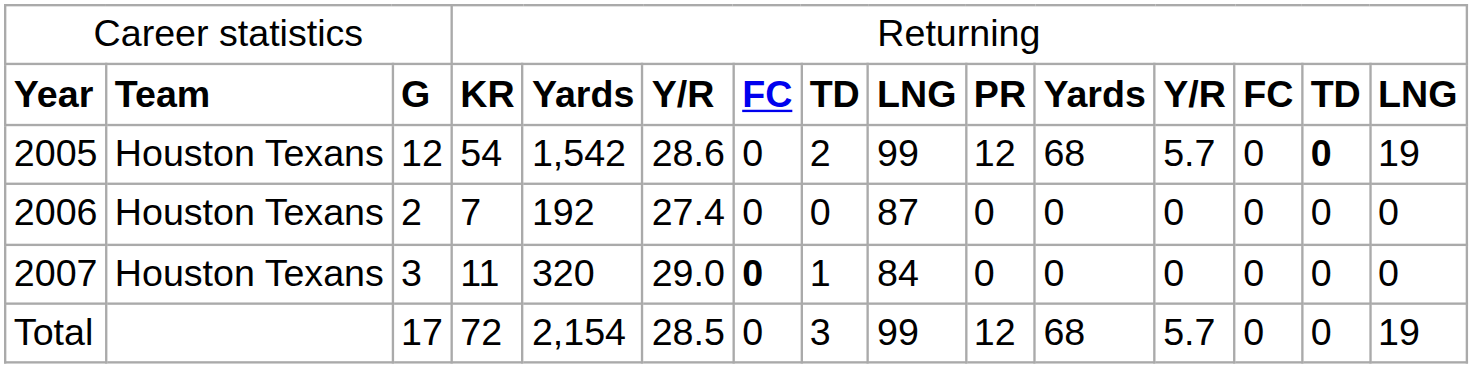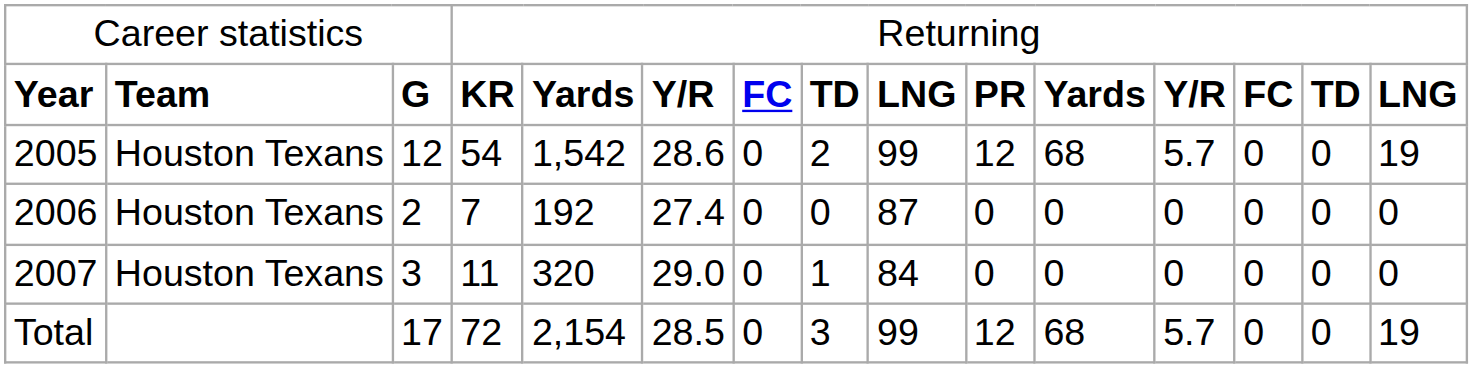 <table class="wikitable" style="background:#fff;">
 <tr style="text-align:center;">
 <td colspan="3">Career statistics</td>
 <td colspan="12" style="text-align:center;">Returning</td>
 </tr>
 <tr>
 <td><strong>Year</strong></td>
 <td><strong>Team</strong></td>
 <td><strong>G</strong></td>
 <td><strong>KR</strong></td>
 <td><strong>Yards</strong></td>
 <td><strong>Y/R</strong></td>
 <td><strong><a href='#'>FC</a></strong></td>
 <td><strong>TD</strong></td>
 <td><strong>LNG</strong></td>
 <td><strong>PR</strong></td>
 <td><strong>Yards</strong></td>
 <td><strong>Y/R</strong></td>
 <td><strong>FC</strong></td>
 <td><strong>TD</strong></td>
 <td><strong>LNG</strong></td>
 </tr>
 <tr>
 <td>2005</td>
 <td>Houston Texans</td>
 <td>12</td>
 <td>54</td>
 <td>1,542</td>
 <td>28.6</td>
 <td>0</td>
 <td>2</td>
 <td>99</td>
 <td>12</td>
 <td>68</td>
 <td>5.7</td>
 <td>0</td>
-<td><strong>0</strong></td>
+<td>0</td>
 <td>19</td>
 </tr>
 <tr>
 <td>2006</td>
 <td>Houston Texans</td>
 <td>2</td>
 <td>7</td>
 <td>192</td>
 <td>27.4</td>
 <td>0</td>
 <td>0</td>
 <td>87</td>
 <td>0</td>
 <td>0</td>
 <td>0</td>
 <td>0</td>
 <td>0</td>
 <td>0</td>
 </tr>
 <tr>
 <td>2007</td>
 <td>Houston Texans</td>
 <td>3</td>
 <td>11</td>
 <td>320</td>
 <td>29.0</td>
-<td><strong>0</strong></td>
+<td>0</td>
 <td>1</td>
 <td>84</td>
 <td>0</td>
 <td>0</td>
 <td>0</td>
 <td>0</td>
 <td>0</td>
 <td>0</td>
 </tr>
 <tr>
 <td>Total</td>
 <td></td>
 <td>17</td>
 <td>72</td>
 <td>2,154</td>
 <td>28.5</td>
 <td>0</td>
 <td>3</td>
 <td>99</td>
 <td>12</td>
 <td>68</td>
 <td>5.7</td>
 <td>0</td>
 <td>0</td>
 <td>19</td>
 </tr>
 </table>
